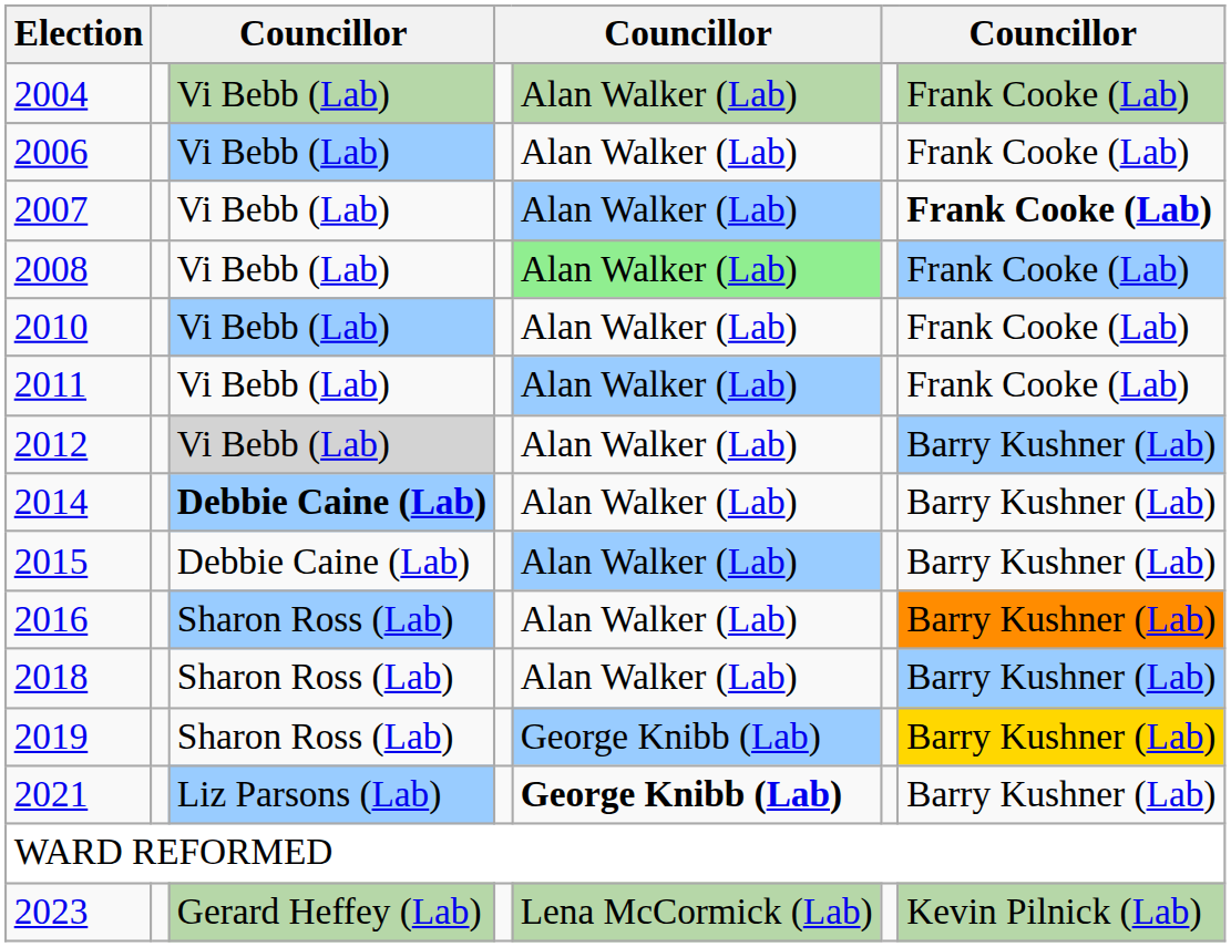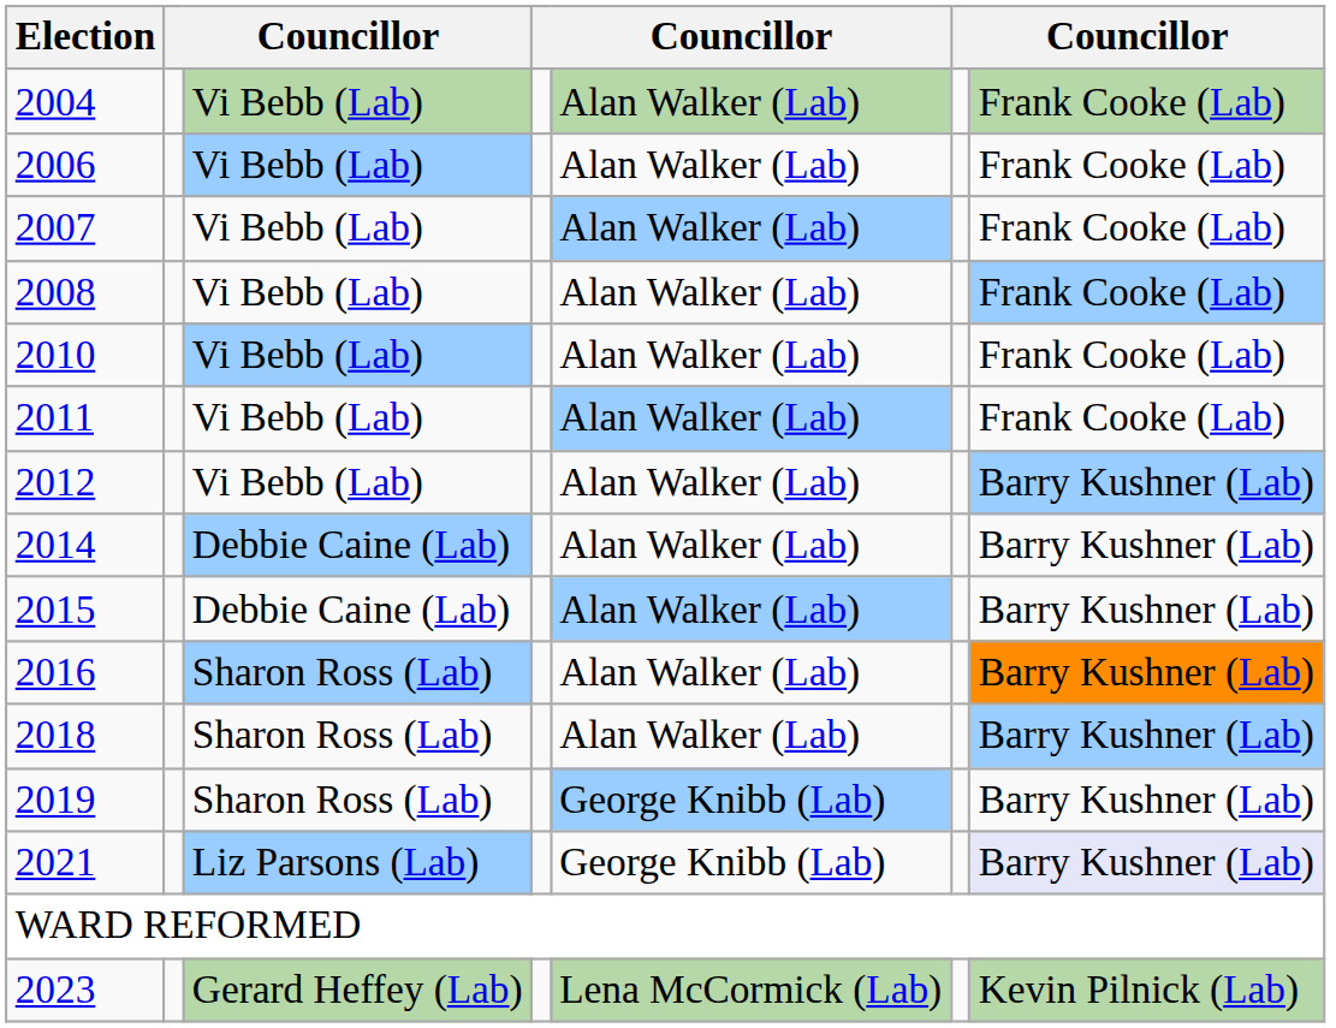 <table class="wikitable">
 <tr>
 <th>Election</th>
 <th colspan="2">Councillor</th>
 <th colspan="2">Councillor</th>
 <th colspan="2">Councillor</th>
 </tr>
 <tr>
 <td><a href='#'>2004</a></td>
 <td style="background-color: "></td>
 <td bgcolor="#B6D7A8">Vi Bebb (<a href='#'>Lab</a>)</td>
 <td style="background-color: "></td>
 <td bgcolor="#B6D7A8">Alan Walker (<a href='#'>Lab</a>)</td>
 <td style="background-color: "></td>
 <td bgcolor="#B6D7A8">Frank Cooke (<a href='#'>Lab</a>)</td>
 </tr>
 <tr>
 <td><a href='#'>2006</a></td>
 <td style="background-color: "></td>
 <td bgcolor="#99CCFF">Vi Bebb (<a href='#'>Lab</a>)</td>
 <td style="background-color: "></td>
 <td>Alan Walker (<a href='#'>Lab</a>)</td>
 <td style="background-color: "></td>
 <td>Frank Cooke (<a href='#'>Lab</a>)</td>
 </tr>
 <tr>
 <td><a href='#'>2007</a></td>
 <td style="background-color: "></td>
 <td>Vi Bebb (<a href='#'>Lab</a>)</td>
 <td style="background-color: "></td>
 <td bgcolor="#99CCFF">Alan Walker (<a href='#'>Lab</a>)</td>
 <td style="background-color: "></td>
-<td><strong>Frank Cooke (<a href='#'>Lab</a>)</strong></td>
+<td>Frank Cooke (<a href='#'>Lab</a>)</td>
 </tr>
 <tr>
 <td><a href='#'>2008</a></td>
 <td style="background-color: "></td>
 <td>Vi Bebb (<a href='#'>Lab</a>)</td>
 <td style="background-color: "></td>
-<td style="background: lightgreen;">Alan Walker (<a href='#'>Lab</a>)</td>
+<td>Alan Walker (<a href='#'>Lab</a>)</td>
 <td style="background-color: "></td>
 <td bgcolor="#99CCFF">Frank Cooke (<a href='#'>Lab</a>)</td>
 </tr>
 <tr>
 <td><a href='#'>2010</a></td>
 <td style="background-color: "></td>
 <td bgcolor="#99CCFF">Vi Bebb (<a href='#'>Lab</a>)</td>
 <td style="background-color: "></td>
 <td>Alan Walker (<a href='#'>Lab</a>)</td>
 <td style="background-color: "></td>
 <td>Frank Cooke (<a href='#'>Lab</a>)</td>
 </tr>
 <tr>
 <td><a href='#'>2011</a></td>
 <td style="background-color: "></td>
 <td>Vi Bebb (<a href='#'>Lab</a>)</td>
 <td style="background-color: "></td>
 <td bgcolor="#99CCFF">Alan Walker (<a href='#'>Lab</a>)</td>
 <td style="background-color: "></td>
 <td>Frank Cooke (<a href='#'>Lab</a>)</td>
 </tr>
 <tr>
 <td><a href='#'>2012</a></td>
 <td style="background-color: "></td>
-<td style="background: lightgrey;">Vi Bebb (<a href='#'>Lab</a>)</td>
+<td>Vi Bebb (<a href='#'>Lab</a>)</td>
 <td style="background-color: "></td>
 <td>Alan Walker (<a href='#'>Lab</a>)</td>
 <td style="background-color: "></td>
 <td bgcolor="#99CCFF">Barry Kushner (<a href='#'>Lab</a>)</td>
 </tr>
 <tr>
 <td><a href='#'>2014</a></td>
 <td style="background-color: "></td>
-<td bgcolor="#99CCFF"><strong>Debbie Caine (<a href='#'>Lab</a>)</strong></td>
+<td bgcolor="#99CCFF">Debbie Caine (<a href='#'>Lab</a>)</td>
 <td style="background-color: "></td>
 <td>Alan Walker (<a href='#'>Lab</a>)</td>
 <td style="background-color: "></td>
 <td>Barry Kushner (<a href='#'>Lab</a>)</td>
 </tr>
 <tr>
 <td><a href='#'>2015</a></td>
 <td style="background-color: "></td>
 <td>Debbie Caine (<a href='#'>Lab</a>)</td>
 <td style="background-color: "></td>
 <td bgcolor="#99CCFF">Alan Walker (<a href='#'>Lab</a>)</td>
 <td style="background-color: "></td>
 <td>Barry Kushner (<a href='#'>Lab</a>)</td>
 </tr>
 <tr>
 <td><a href='#'>2016</a></td>
 <td style="background-color: "></td>
 <td bgcolor="#99CCFF">Sharon Ross (<a href='#'>Lab</a>)</td>
 <td style="background-color: "></td>
 <td>Alan Walker (<a href='#'>Lab</a>)</td>
 <td style="background-color: "></td>
 <td bgcolor="#FF8C00">Barry Kushner (<a href='#'>Lab</a>)</td>
 </tr>
 <tr>
 <td><a href='#'>2018</a></td>
 <td style="background-color: "></td>
 <td>Sharon Ross (<a href='#'>Lab</a>)</td>
 <td style="background-color: "></td>
 <td>Alan Walker (<a href='#'>Lab</a>)</td>
 <td style="background-color: "></td>
 <td bgcolor="#99CCFF">Barry Kushner (<a href='#'>Lab</a>)</td>
 </tr>
 <tr>
 <td><a href='#'>2019</a></td>
 <td style="background-color: "></td>
 <td>Sharon Ross (<a href='#'>Lab</a>)</td>
 <td style="background-color: "></td>
 <td bgcolor="#99CCFF">George Knibb (<a href='#'>Lab</a>)</td>
 <td style="background-color: "></td>
-<td style="background: gold;">Barry Kushner (<a href='#'>Lab</a>)</td>
+<td>Barry Kushner (<a href='#'>Lab</a>)</td>
 </tr>
 <tr>
 <td><a href='#'>2021</a></td>
 <td style="background-color: "></td>
 <td bgcolor="#99CCFF">Liz Parsons (<a href='#'>Lab</a>)</td>
 <td style="background-color: "></td>
-<td><strong>George Knibb (<a href='#'>Lab</a>)</strong></td>
+<td>George Knibb (<a href='#'>Lab</a>)</td>
 <td style="background-color: "></td>
-<td>Barry Kushner (<a href='#'>Lab</a>)</td>
+<td style="background: lavender;">Barry Kushner (<a href='#'>Lab</a>)</td>
 </tr>
 <tr>
 <td colspan="8" bgcolor="#FFF"><div>WARD REFORMED</div></td>
 </tr>
 <tr>
 <td><a href='#'>2023</a></td>
 <td style="background-color: "></td>
 <td bgcolor="#B6D7A8">Gerard Heffey (<a href='#'>Lab</a>)</td>
 <td style="background-color: "></td>
 <td bgcolor="#B6D7A8">Lena McCormick (<a href='#'>Lab</a>)</td>
 <td style="background-color: "></td>
 <td bgcolor="#B6D7A8">Kevin Pilnick (<a href='#'>Lab</a>)</td>
 </tr>
 </table>
